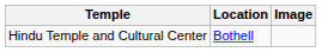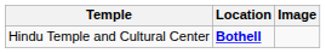 <table class="wikitable sortable" id="tableTempleWikiVA">
 <tr>
 <th>Temple</th>
 <th>Location</th>
 <th>Image</th>
 </tr>
 <tr>
 <td>Hindu Temple and Cultural Center</td>
-<td><a href='#'>Bothell</a></td>
+<td><strong><a href='#'>Bothell</a></strong></td>
 </tr>
 </table>
